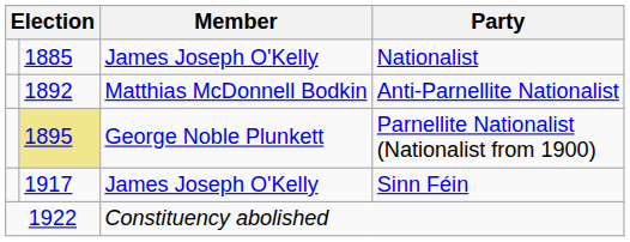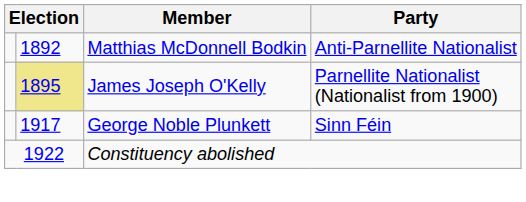 <table class="wikitable">
 <tr>
 <th colspan="2">Election</th>
 <th>Member</th>
 <th>Party</th>
-</tr>
-<tr>
-<td style="color:inherit;background-color: "></td>
-<td><a href='#'>1885</a></td>
-<td><a href='#'>James Joseph O'Kelly</a></td>
-<td><a href='#'>Nationalist</a></td>
 </tr>
 <tr>
 <td style="color:inherit;background-color: "></td>
 <td><a href='#'>1892</a></td>
 <td><a href='#'>Matthias McDonnell Bodkin</a></td>
 <td><a href='#'>Anti-Parnellite Nationalist</a></td>
 </tr>
 <tr>
 <td style="color:inherit;background-color: "></td>
 <td style="background: khaki;"><a href='#'>1895</a></td>
-<td><a href='#'>George Noble Plunkett</a></td>
+<td><a href='#'>James Joseph O'Kelly</a></td>
 <td><a href='#'>Parnellite Nationalist</a><br>(Nationalist from 1900)</td>
 </tr>
 <tr>
 <td style="color:inherit;background-color: "></td>
 <td><a href='#'>1917</a></td>
-<td><a href='#'>James Joseph O'Kelly</a></td>
+<td><a href='#'>George Noble Plunkett</a></td>
 <td><a href='#'>Sinn Féin</a></td>
 </tr>
 <tr>
 <td colspan="2" align="center"><a href='#'>1922</a></td>
 <td colspan="2"><em>Constituency abolished</em></td>
 </tr>
 </table>
